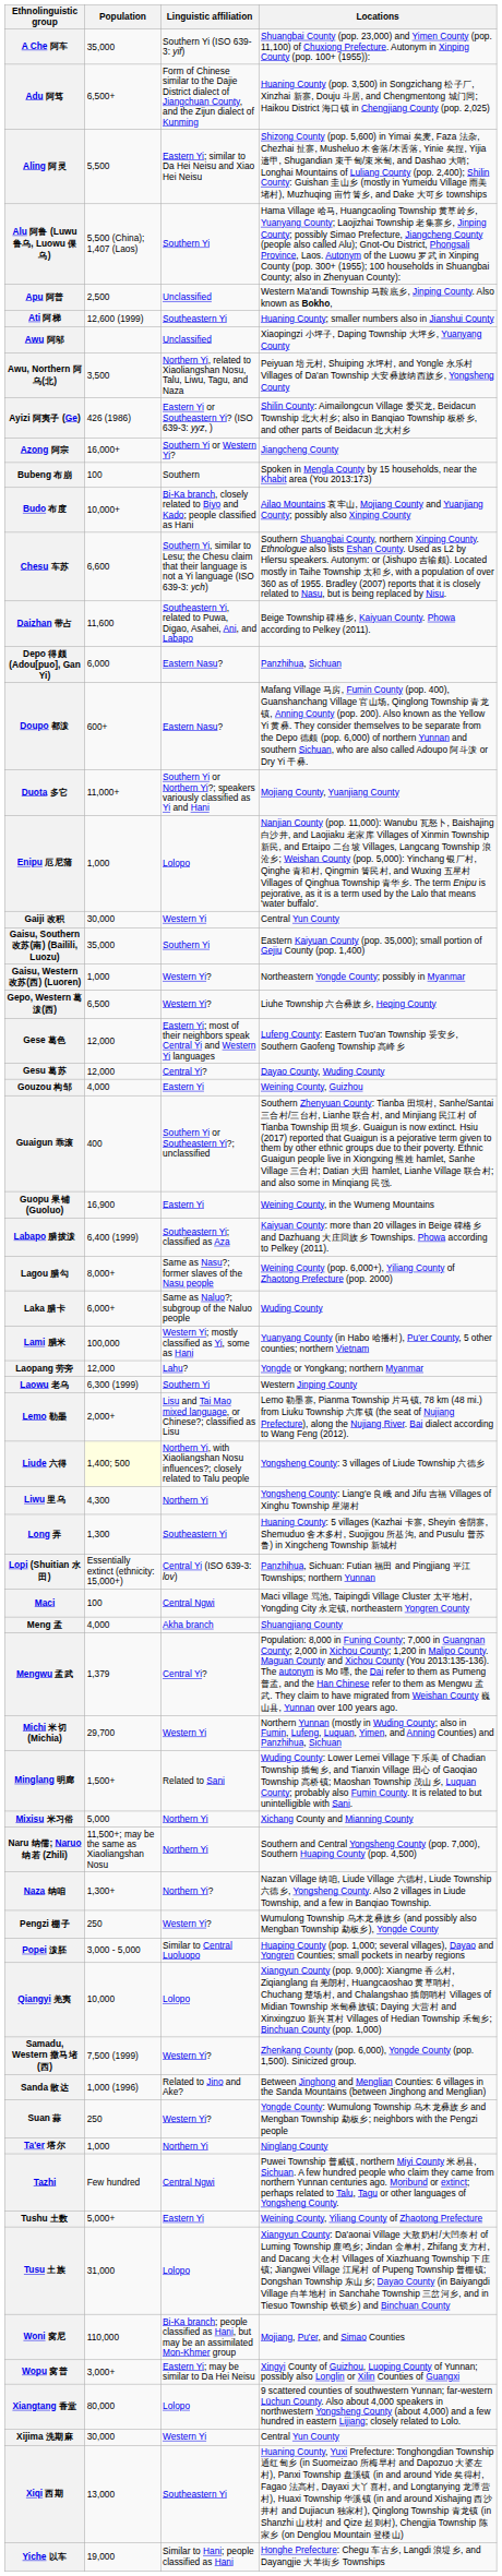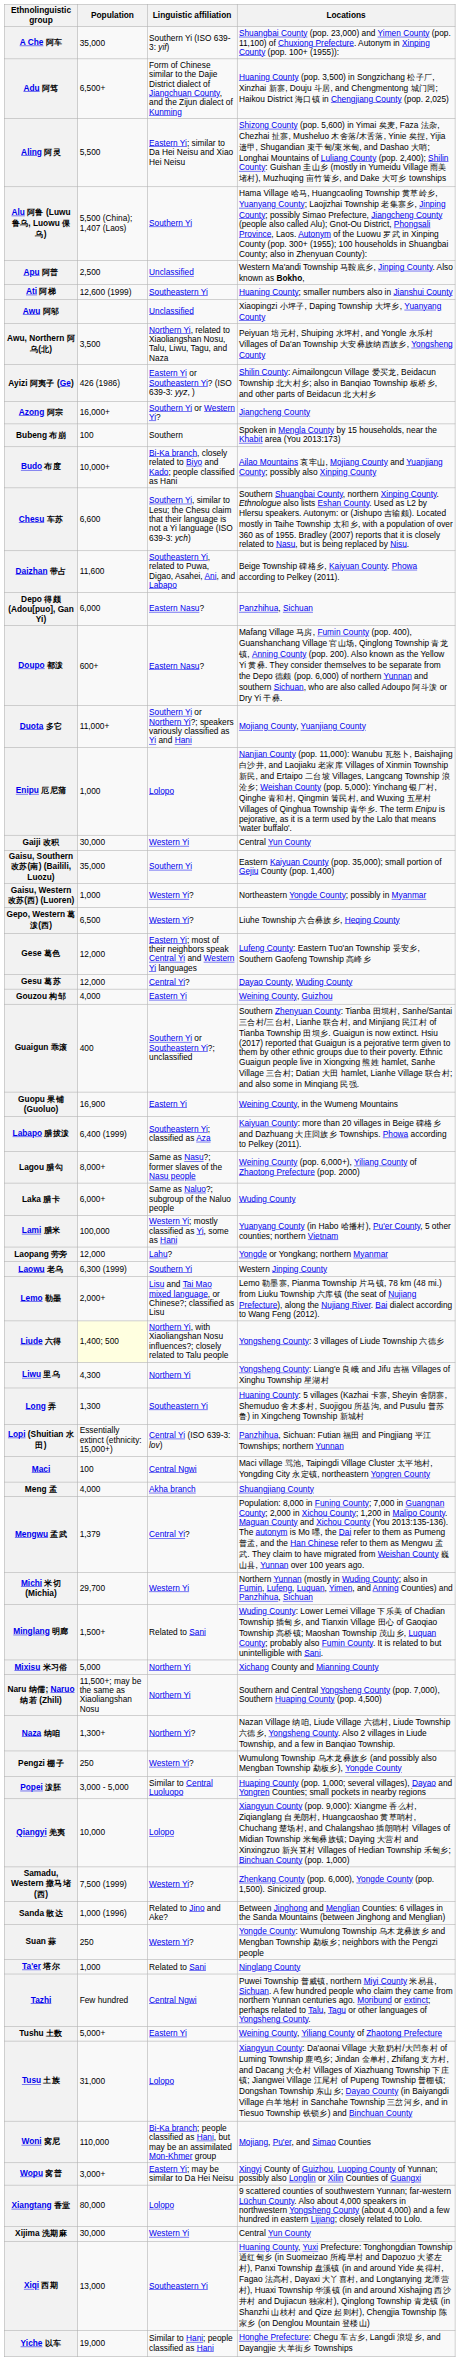 <table class="wikitable sortable">
 <tr>
 <th c=01>Ethnolinguistic group</th>
 <th c=02>Population</th>
 <th c=03>Linguistic affiliation</th>
 <th c=04>Locations</th>
 </tr>
 <tr>
 <th c=01><a href='#'>A Che</a> 阿车</th>
 <td c=02>35,000</td>
 <td c=03>Southern Yi (ISO 639-3: <em>yif</em>)</td>
 <td c=04><a href='#'>Shuangbai County</a> (pop. 23,000) and <a href='#'>Yimen County</a> (pop. 11,100) of <a href='#'>Chuxiong Prefecture</a>. Autonym in <a href='#'>Xinping County</a> (pop. 100+ (1955)): <em></em></td>
 </tr>
 <tr>
 <th c=01><a href='#'>Adu</a> 阿笃</th>
 <td c=02>6,500+</td>
 <td c=03>Form of Chinese similar to the Dajie District dialect of <a href='#'>Jiangchuan County</a>, and the Zijun dialect of <a href='#'>Kunming</a></td>
 <td c=04><a href='#'>Huaning County</a> (pop. 3,500) in Songzichang 松子厂, Xinzhai 新寨, Douju 斗居, and Chengmentong 城门同; Haikou District 海口镇 in <a href='#'>Chengjiang County</a> (pop. 2,025)</td>
 </tr>
 <tr>
 <th c=01><a href='#'>Aling</a> 阿灵</th>
 <td c=02>5,500</td>
 <td c=03><a href='#'>Eastern Yi</a>; similar to Da Hei Neisu and Xiao Hei Neisu</td>
 <td c=04><a href='#'>Shizong County</a> (pop. 5,600) in Yimai 矣麦, Faza 法杂, Chezhai 扯寨, Musheluo 木舍落/木舌落, Yinie 矣捏, Yijia 遗甲, Shugandian 束干甸/束米甸, and Dashao 大哨; Longhai Mountains  of <a href='#'>Luliang County</a> (pop. 2,400); <a href='#'>Shilin County</a>: Guishan 圭山乡 (mostly in Yumeidu Village 雨美堵村), Muzhuqing 亩竹箐乡, and Dake 大可乡 townships</td>
 </tr>
 <tr>
 <th c=01><a href='#'>Alu</a> 阿鲁 (Luwu 鲁乌, Luowu 倮乌)</th>
 <td c=02>5,500 (China); 1,407 (Laos)</td>
 <td c=03><a href='#'>Southern Yi</a></td>
 <td c=04>Hama Village 哈马, Huangcaoling Township 黄草岭乡, <a href='#'>Yuanyang County</a>; Laojizhai Township 老集寨乡, <a href='#'>Jinping County</a>; possibly Simao Prefecture, <a href='#'>Jiangcheng County</a> (people also called Alu); Gnot-Ou District, <a href='#'>Phongsali Province</a>, Laos. <a href='#'>Autonym</a> of the Luowu 罗武 in Xinping County (pop. 300+ (1955); 100 households in Shuangbai County; also in Zhenyuan County): <em></em></td>
 </tr>
 <tr>
 <th c=01><a href='#'>Apu</a> 阿普</th>
 <td c=02>2,500</td>
 <td c=03><a href='#'>Unclassified</a></td>
 <td c=04>Western Ma'andi Township 马鞍底乡, <a href='#'>Jinping County</a>. Also known as <strong>Bokho</strong>, <em></em></td>
 </tr>
 <tr>
 <th c=01><a href='#'>Ati</a> 阿梯</th>
 <td c=02>12,600 (1999)</td>
 <td c=03><a href='#'>Southeastern Yi</a></td>
 <td c=04><a href='#'>Huaning County</a>; smaller numbers also in <a href='#'>Jianshui County</a></td>
 </tr>
 <tr>
 <th c=01><a href='#'>Awu</a> 阿邬</th>
 <td c=02></td>
 <td c=03><a href='#'>Unclassified</a></td>
 <td c=04>Xiaopingzi 小坪子, Daping Township 大坪乡, <a href='#'>Yuanyang County</a></td>
 </tr>
 <tr>
 <th c=01>Awu, Northern 阿乌(北)</th>
 <td c=02>3,500</td>
 <td c=03><a href='#'>Northern Yi</a>, related to Xiaoliangshan Nosu, Talu, Liwu, Tagu, and Naza</td>
 <td c=04>Peiyuan 培元村, Shuiping 水坪村, and Yongle 永乐村 Villages of Da'an Township 大安彝族纳西族乡, <a href='#'>Yongsheng County</a></td>
 </tr>
 <tr>
 <th c=01>Ayizi 阿夷子 (<a href='#'>Ge</a>)</th>
 <td c=02>426 (1986)</td>
 <td c=03><a href='#'>Eastern Yi</a> or <a href='#'>Southeastern Yi</a>? (ISO 639-3: <em>yyz</em>, )</td>
 <td c=04><a href='#'>Shilin County</a>: Aimailongcun Village 爱买龙, Beidacun Township 北大村乡; also in Banqiao Township 板桥乡, and other parts of Beidacun 北大村乡</td>
 </tr>
 <tr>
 <th c=01><a href='#'>Azong</a> 阿宗</th>
 <td c=02>16,000+</td>
 <td c=03><a href='#'>Southern Yi</a> or <a href='#'>Western Yi</a>?</td>
 <td c=04><a href='#'>Jiangcheng County</a></td>
 </tr>
 <tr>
 <th c=01>Bubeng 布崩</th>
 <td c=02>100</td>
 <td c=03>Southern</td>
 <td c=04>Spoken in <a href='#'>Mengla County</a> by 15 households, near the <a href='#'>Khabit</a> area (You 2013:173)</td>
 </tr>
 <tr>
 <th c=01><a href='#'>Budo</a> 布度</th>
 <td c=02>10,000+</td>
 <td c=03><a href='#'>Bi-Ka branch</a>, closely related to <a href='#'>Biyo</a> and <a href='#'>Kado</a>; people classified as Hani</td>
 <td c=04><a href='#'>Ailao Mountains</a> 哀牢山, <a href='#'>Mojiang County</a> and <a href='#'>Yuanjiang County</a>; possibly also <a href='#'>Xinping County</a></td>
 </tr>
 <tr>
 <th c=01><a href='#'>Chesu</a> 车苏</th>
 <td c=02>6,600</td>
 <td c=03><a href='#'>Southern Yi</a>, similar to Lesu; the Chesu claim that their language is not a Yi language (ISO 639-3: <em>ych</em>)</td>
 <td c=04>Southern <a href='#'>Shuangbai County</a>, northern <a href='#'>Xinping County</a>. <em>Ethnologue</em> also lists <a href='#'>Eshan County</a>. Used as L2 by Hlersu speakers. Autonym: <em></em> or <em></em> (Jishupo 吉输颇). Located mostly in Taihe Township 太和乡, with a population of over 360 as of 1955. Bradley (2007) reports that it is closely related to <a href='#'>Nasu</a>, but is being replaced by <a href='#'>Nisu</a>.</td>
 </tr>
 <tr>
 <th c=01><a href='#'>Daizhan</a> 带占</th>
 <td c=02>11,600</td>
 <td c=03><a href='#'>Southeastern Yi</a>, related to Puwa, Digao, Asahei, <a href='#'>Ani</a>, and <a href='#'>Labapo</a></td>
 <td c=04>Beige Township 碑格乡, <a href='#'>Kaiyuan County</a>. <a href='#'>Phowa</a> according to Pelkey (2011).</td>
 </tr>
 <tr>
 <th c=01>Depo 得颇 (Adou[puo], Gan Yi)</th>
 <td c=02>6,000</td>
 <td c=03><a href='#'>Eastern Nasu</a>?</td>
 <td c=04><a href='#'>Panzhihua</a>, <a href='#'>Sichuan</a></td>
 </tr>
 <tr>
 <th c=01><a href='#'>Doupo</a> 都泼</th>
 <td c=02>600+</td>
 <td c=03><a href='#'>Eastern Nasu</a>?</td>
 <td c=04>Mafang Village 马房, <a href='#'>Fumin County</a> (pop. 400), Guanshanchang Village 官山场, Qinglong Township 青龙镇, <a href='#'>Anning County</a> (pop. 200). Also known as the Yellow Yi 黄彝. They consider themselves to be separate from the Depo 德颇 (pop. 6,000) of northern <a href='#'>Yunnan</a> and southern <a href='#'>Sichuan</a>, who are also called Adoupo 阿斗泼 or Dry Yi 干彝.</td>
 </tr>
 <tr>
 <th c=01><a href='#'>Duota</a> 多它</th>
 <td c=02>11,000+</td>
 <td c=03><a href='#'>Southern Yi</a> or <a href='#'>Northern Yi</a>?; speakers variously classified as <a href='#'>Yi</a> and <a href='#'>Hani</a></td>
 <td c=04><a href='#'>Mojiang County</a>, <a href='#'>Yuanjiang County</a></td>
 </tr>
 <tr>
 <th c=01><a href='#'>Enipu</a> 厄尼蒲</th>
 <td c=02>1,000</td>
 <td c=03><a href='#'>Lolopo</a></td>
 <td c=04><a href='#'>Nanjian County</a> (pop. 11,000): Wanubu 瓦怒卜, Baishajing 白沙井, and Laojiaku 老家库 Villages of Xinmin Township 新民, and Ertaipo 二台坡 Villages, Langcang Township 浪沧乡; <a href='#'>Weishan County</a> (pop. 5,000): Yinchang 银厂村, Qinghe 青和村, Qingmin 箐民村, and Wuxing 五星村 Villages of Qinghua Township 青华乡. The term <em>Enipu</em> is pejorative, as it is a term used by the Lalo that means 'water buffalo'.</td>
 </tr>
 <tr>
 <th c=01>Gaiji 改积</th>
 <td c=02>30,000</td>
 <td c=03><a href='#'>Western Yi</a></td>
 <td c=04>Central <a href='#'>Yun County</a></td>
 </tr>
 <tr>
 <th c=01>Gaisu, Southern 改苏(南) (Bailili, Luozu)</th>
 <td c=02>35,000</td>
 <td c=03><a href='#'>Southern Yi</a></td>
 <td c=04>Eastern <a href='#'>Kaiyuan County</a> (pop. 35,000); small portion of <a href='#'>Gejiu</a> County (pop. 1,400)</td>
 </tr>
 <tr>
 <th c=01>Gaisu, Western 改苏(西) (Luoren)</th>
 <td c=02>1,000</td>
 <td c=03><a href='#'>Western Yi</a>?</td>
 <td c=04>Northeastern <a href='#'>Yongde County</a>; possibly in <a href='#'>Myanmar</a></td>
 </tr>
 <tr>
 <th c=01>Gepo, Western 葛泼(西)</th>
 <td c=02>6,500</td>
 <td c=03><a href='#'>Western Yi</a>?</td>
 <td c=04>Liuhe Township 六合彝族乡, <a href='#'>Heqing County</a></td>
 </tr>
 <tr>
 <th c=01>Gese 葛色</th>
 <td c=02>12,000</td>
 <td c=03><a href='#'>Eastern Yi</a>; most of their neighbors speak <a href='#'>Central Yi</a> and <a href='#'>Western Yi</a> languages</td>
 <td c=04><a href='#'>Lufeng County</a>: Eastern Tuo'an Township 妥安乡, Southern Gaofeng Township 高峰乡</td>
 </tr>
 <tr>
 <th c=01>Gesu 葛苏</th>
 <td c=02>12,000</td>
 <td c=03><a href='#'>Central Yi</a>?</td>
 <td c=04><a href='#'>Dayao County</a>, <a href='#'>Wuding County</a></td>
 </tr>
 <tr>
 <th c=01>Gouzou 构邹</th>
 <td c=02>4,000</td>
 <td c=03><a href='#'>Eastern Yi</a></td>
 <td c=04><a href='#'>Weining County</a>, <a href='#'>Guizhou</a></td>
 </tr>
 <tr>
 <th c=01>Guaigun 乖滚</th>
 <td c=02>400</td>
 <td c=03><a href='#'>Southern Yi</a> or <a href='#'>Southeastern Yi</a>?; unclassified</td>
 <td c=04>Southern <a href='#'>Zhenyuan County</a>: Tianba 田坝村, Sanhe/Santai 三合村/三台村, Lianhe 联合村, and Minjiang 民江村 of Tianba Township 田坝乡. Guaigun is now extinct. Hsiu (2017) reported that Guaigun is a pejorative term given to them by other ethnic groups due to their poverty. Ethnic Guaigun people live in Xiongxing 熊姓 hamlet, Sanhe Village 三合村; Datian 大田 hamlet, Lianhe Village 联合村; and also some in Minqiang 民强.</td>
 </tr>
 <tr>
 <th c=01>Guopu 果铺 (Guoluo)</th>
 <td c=02>16,900</td>
 <td c=03><a href='#'>Eastern Yi</a></td>
 <td c=04><a href='#'>Weining County</a>, in the Wumeng Mountains</td>
 </tr>
 <tr>
 <th c=01><a href='#'>Labapo</a> 腊拔泼</th>
 <td c=02>6,400 (1999)</td>
 <td c=03><a href='#'>Southeastern Yi</a>; classified as <a href='#'>Aza</a></td>
 <td c=04><a href='#'>Kaiyuan County</a>: more than 20 villages in Beige 碑格乡 and Dazhuang 大庄回族乡 Townships. <a href='#'>Phowa</a> according to Pelkey (2011).</td>
 </tr>
 <tr>
 <th c=01>Lagou 腊勾</th>
 <td c=02>8,000+</td>
 <td c=03>Same as <a href='#'>Nasu</a>?; former slaves of the <a href='#'>Nasu people</a></td>
 <td c=04><a href='#'>Weining County</a> (pop. 6,000+), <a href='#'>Yiliang County</a> of <a href='#'>Zhaotong Prefecture</a> (pop. 2000)</td>
 </tr>
 <tr>
 <th c=01>Laka 腊卡</th>
 <td c=02>6,000+</td>
 <td c=03>Same as <a href='#'>Naluo</a>?; subgroup of the Naluo people</td>
 <td c=04><a href='#'>Wuding County</a></td>
 </tr>
 <tr>
 <th c=01><a href='#'>Lami</a> 腊米</th>
 <td c=02>100,000</td>
 <td c=03><a href='#'>Western Yi</a>; mostly classified as <a href='#'>Yi</a>, some as <a href='#'>Hani</a></td>
 <td c=04><a href='#'>Yuanyang County</a> (in Habo 哈播村), <a href='#'>Pu'er County</a>, 5 other counties; northern <a href='#'>Vietnam</a></td>
 </tr>
 <tr>
 <th c=01>Laopang 劳旁</th>
 <td c=02>12,000</td>
 <td c=03><a href='#'>Lahu</a>?</td>
 <td c=04><a href='#'>Yongde</a> or Yongkang; northern <a href='#'>Myanmar</a></td>
 </tr>
 <tr>
 <th c=01><a href='#'>Laowu</a> 老乌</th>
 <td c=02>6,300 (1999)</td>
 <td c=03><a href='#'>Southern Yi</a></td>
 <td c=04>Western <a href='#'>Jinping County</a></td>
 </tr>
 <tr>
 <th c=01><a href='#'>Lemo</a> 勒墨</th>
 <td c=02>2,000+</td>
 <td c=03><a href='#'>Lisu</a> and <a href='#'>Tai Mao</a> <a href='#'>mixed language</a>, or Chinese?; classified as Lisu</td>
 <td c=04>Lemo 勒墨寨, Pianma Township 片马镇, 78 km (48 mi.) from Liuku Township 六库镇 (the seat of <a href='#'>Nujiang Prefecture</a>), along the <a href='#'>Nujiang River</a>. <a href='#'>Bai</a> dialect according to Wang Feng (2012).</td>
 </tr>
 <tr>
 <th c=01><a href='#'>Liude</a> 六得</th>
 <td c=02 style="background: lightyellow;">1,400; 500</td>
 <td c=03><a href='#'>Northern Yi</a>, with Xiaoliangshan Nosu influences?; closely related to Talu people</td>
 <td c=04><a href='#'>Yongsheng County</a>: 3 villages of Liude Township 六德乡</td>
 </tr>
 <tr>
 <th c=01><a href='#'>Liwu</a> 里乌</th>
 <td c=02>4,300</td>
 <td c=03><a href='#'>Northern Yi</a></td>
 <td c=04><a href='#'>Yongsheng County</a>: Liang'e 良峨 and Jifu 吉福  Villages of Xinghu Township 星湖村</td>
 </tr>
 <tr>
 <th c=01><a href='#'>Long</a> 弄</th>
 <td c=02>1,300</td>
 <td c=03><a href='#'>Southeastern Yi</a></td>
 <td c=04><a href='#'>Huaning County</a>: 5 villages (Kazhai 卡寨, Sheyin 舍阴寨, Shemuduo 舍木多村, Suojigou 所基沟, and Pusulu 普苏鲁) in Xingcheng Township 新城村</td>
 </tr>
 <tr>
 <th c=01><a href='#'>Lopi</a> (Shuitian 水田)</th>
 <td c=02>Essentially extinct (ethnicity: 15,000+)</td>
 <td c=03><a href='#'>Central Yi</a> (ISO 639-3: <em>lov</em>)</td>
 <td c=04><a href='#'>Panzhihua</a>, Sichuan: Futian 福田 and Pingjiang 平江 Townships; northern <a href='#'>Yunnan</a></td>
 </tr>
 <tr>
 <th c=01><a href='#'>Maci</a></th>
 <td c=02>100</td>
 <td c=03><a href='#'>Central Ngwi</a></td>
 <td c=04>Maci village 骂池, Taipingdi Village Cluster 太平地村, Yongding City 永定镇, northeastern <a href='#'>Yongren County</a></td>
 </tr>
 <tr>
 <th c=01>Meng 孟</th>
 <td c=02>4,000</td>
 <td c=03><a href='#'>Akha branch</a></td>
 <td c=04><a href='#'>Shuangjiang County</a></td>
 </tr>
 <tr>
 <th c=01><a href='#'>Mengwu</a> 孟武</th>
 <td c=02>1,379</td>
 <td c=03><a href='#'>Central Yi</a>?</td>
 <td c=04>Population: 8,000 in <a href='#'>Funing County</a>; 7,000 in <a href='#'>Guangnan County</a>; 2,000 in <a href='#'>Xichou County</a>; 1,200 in <a href='#'>Malipo County</a>. <a href='#'>Maguan County</a> and <a href='#'>Xichou County</a> (You 2013:135-136). The <a href='#'>autonym</a> is Mo 嚜, the <a href='#'>Dai</a> refer to them as Pumeng 普孟, and the <a href='#'>Han Chinese</a> refer to them as Mengwu 孟武. They claim to have migrated from <a href='#'>Weishan County</a> 巍山县, <a href='#'>Yunnan</a> over 100 years ago.</td>
 </tr>
 <tr>
 <th c=01><a href='#'>Michi</a> 米切 (Michia)</th>
 <td c=02>29,700</td>
 <td c=03><a href='#'>Western Yi</a></td>
 <td c=04>Northern <a href='#'>Yunnan</a> (mostly in <a href='#'>Wuding County</a>; also in <a href='#'>Fumin</a>, <a href='#'>Lufeng</a>, <a href='#'>Luquan</a>, <a href='#'>Yimen</a>, and <a href='#'>Anning</a> Counties) and <a href='#'>Panzhihua</a>, <a href='#'>Sichuan</a></td>
 </tr>
 <tr>
 <th c=01><a href='#'>Minglang</a> 明廊</th>
 <td c=02>1,500+</td>
 <td c=03>Related to <a href='#'>Sani</a></td>
 <td c=04><a href='#'>Wuding County</a>: Lower Lemei Village 下乐美 of Chadian Township 插甸乡, and Tianxin Village 田心 of Gaoqiao Township 高桥镇; Maoshan Township 茂山乡, <a href='#'>Luquan County</a>; probably also <a href='#'>Fumin County</a>. It is related to but unintelligible with <a href='#'>Sani</a>.</td>
 </tr>
 <tr>
 <th c=01><a href='#'>Mixisu</a> 米习俗</th>
 <td c=02>5,000</td>
 <td c=03><a href='#'>Northern Yi</a></td>
 <td c=04><a href='#'>Xichang</a> County and <a href='#'>Mianning County</a></td>
 </tr>
 <tr>
 <th c=01>Naru 纳儒; <a href='#'>Naruo</a> 纳若 (Zhili)</th>
 <td c=02>11,500+; may be the same as Xiaoliangshan Nosu</td>
 <td c=03><a href='#'>Northern Yi</a></td>
 <td c=04>Southern and Central <a href='#'>Yongsheng County</a> (pop. 7,000), Southern <a href='#'>Huaping County</a> (pop. 4,500)</td>
 </tr>
 <tr>
 <th c=01><a href='#'>Naza</a> 纳咱</th>
 <td c=02>1,300+</td>
 <td c=03><a href='#'>Northern Yi</a>?</td>
 <td c=04>Nazan Village 纳咱, Liude Village 六德村, Liude Township 六德乡, <a href='#'>Yongsheng County</a>. Also 2 villages in Liude Township, and a few in Banqiao Township.</td>
 </tr>
 <tr>
 <th c=01>Pengzi 棚子</th>
 <td c=02>250</td>
 <td c=03><a href='#'>Western Yi</a>?</td>
 <td c=04>Wumulong Township 乌木龙彝族乡 (and possibly also Mengban Township 勐板乡), <a href='#'>Yongde County</a></td>
 </tr>
 <tr>
 <th c=01><a href='#'>Popei</a> 泼胚</th>
 <td c=02>3,000 - 5,000</td>
 <td c=03>Similar to <a href='#'>Central Luoluopo</a></td>
 <td c=04><a href='#'>Huaping County</a> (pop. 1,000; several villages), <a href='#'>Dayao</a> and <a href='#'>Yongren</a> Counties; small pockets in nearby regions</td>
 </tr>
 <tr>
 <th c=01><a href='#'>Qiangyi</a> 羌夷</th>
 <td c=02>10,000</td>
 <td c=03><a href='#'>Lolopo</a></td>
 <td c=04><a href='#'>Xiangyun County</a> (pop. 9,000): Xiangme 香么村, Ziqianglang 自羌朗村, Huangcaoshao 黄草哨村, Chuchang 楚场村, and Chalangshao 插朗哨村 Villages of Midian Township 米甸彝族镇; Daying 大营村 and Xinxingzuo 新兴苴村 Villages of Hedian Township 禾甸乡; <a href='#'>Binchuan County</a> (pop. 1,000)</td>
 </tr>
 <tr>
 <th c=01>Samadu, Western 撒马堵(西)</th>
 <td c=02>7,500 (1999)</td>
 <td c=03><a href='#'>Western Yi</a>?</td>
 <td c=04><a href='#'>Zhenkang County</a> (pop. 6,000), <a href='#'>Yongde County</a> (pop. 1,500). Sinicized group.</td>
 </tr>
 <tr>
 <th c=01>Sanda 散达</th>
 <td c=02>1,000 (1996)</td>
 <td c=03>Related to <a href='#'>Jino</a> and Ake?</td>
 <td c=04>Between <a href='#'>Jinghong</a> and <a href='#'>Menglian</a> Counties: 6 villages in the Sanda Mountains (between Jinghong and Menglian)</td>
 </tr>
 <tr>
 <th c=01>Suan 蒜</th>
 <td c=02>250</td>
 <td c=03><a href='#'>Western Yi</a>?</td>
 <td c=04><a href='#'>Yongde County</a>: Wumulong Township 乌木龙彝族乡 and Mengban Township 勐板乡; neighbors with the Pengzi people</td>
 </tr>
 <tr>
 <th c=01><a href='#'>Ta'er</a> 塔尔</th>
 <td c=02>1,000</td>
-<td c=03><a href='#'>Northern Yi</a></td>
+<td c=03>Related to <a href='#'>Sani</a></td>
 <td c=04><a href='#'>Ninglang County</a></td>
 </tr>
 <tr>
 <th c=01><a href='#'>Tazhi</a></th>
 <td c=02>Few hundred</td>
 <td c=03><a href='#'>Central Ngwi</a></td>
 <td c=04>Puwei Township 普威镇, northern <a href='#'>Miyi County</a> 米易县, <a href='#'>Sichuan</a>. A few hundred people who claim they came from northern Yunnan centuries ago. <a href='#'>Moribund</a> or <a href='#'>extinct</a>; perhaps related to <a href='#'>Talu</a>, <a href='#'>Tagu</a> or other languages of <a href='#'>Yongsheng County</a>.</td>
 </tr>
 <tr>
 <th c=01>Tushu 土数</th>
 <td c=02>5,000+</td>
 <td c=03><a href='#'>Eastern Yi</a></td>
 <td c=04><a href='#'>Weining County</a>, <a href='#'>Yiliang County</a> of <a href='#'>Zhaotong Prefecture</a></td>
 </tr>
 <tr>
 <th c=01><a href='#'>Tusu</a> 土族</th>
 <td c=02>31,000</td>
 <td c=03><a href='#'>Lolopo</a></td>
 <td c=04><a href='#'>Xiangyun County</a>: Da'aonai Village 大敖奶村/大凹奈村 of Luming Township 鹿鸣乡; Jindan 金单村, Zhifang 支方村, and Dacang 大仓村 Villages of Xiazhuang Township 下庄镇; Jiangwei Village 江尾村 of Pupeng Township 普棚镇; Dongshan Township 东山乡; <a href='#'>Dayao County</a> (in Baiyangdi Village 白羊地村 in Sanchahe Township 三岔河乡, and in Tiesuo Township 铁锁乡) and <a href='#'>Binchuan County</a></td>
 </tr>
 <tr>
 <th c=01><a href='#'>Woni</a> 窝尼</th>
 <td c=02>110,000</td>
 <td c=03><a href='#'>Bi-Ka branch</a>; people classified as <a href='#'>Hani</a>, but may be an assimilated <a href='#'>Mon-Khmer</a> group</td>
 <td c=04><a href='#'>Mojiang</a>, <a href='#'>Pu'er</a>, and <a href='#'>Simao</a> Counties</td>
 </tr>
 <tr>
 <th c=01><a href='#'>Wopu</a> 窝普</th>
 <td c=02>3,000+</td>
 <td c=03><a href='#'>Eastern Yi</a>; may be similar to Da Hei Neisu</td>
 <td c=04><a href='#'>Xingyi</a> County of <a href='#'>Guizhou</a>, <a href='#'>Luoping County</a> of Yunnan; possibly also <a href='#'>Longlin</a> or <a href='#'>Xilin</a> Counties of <a href='#'>Guangxi</a></td>
 </tr>
 <tr>
 <th c=01><a href='#'>Xiangtang</a> 香堂</th>
 <td c=02>80,000</td>
 <td c=03><a href='#'>Lolopo</a></td>
 <td c=04>9 scattered counties of southwestern Yunnan; far-western <a href='#'>Lüchun County</a>. Also about 4,000 speakers in northwestern <a href='#'>Yongsheng County</a> (about 4,000) and a few hundred in eastern <a href='#'>Lijiang</a>; closely related to Lolo.</td>
 </tr>
 <tr>
 <th c=01>Xijima 洗期麻</th>
 <td c=02>30,000</td>
 <td c=03><a href='#'>Western Yi</a></td>
 <td c=04>Central <a href='#'>Yun County</a></td>
 </tr>
 <tr>
 <th c=01><a href='#'>Xiqi</a> 西期</th>
 <td c=02>13,000</td>
 <td c=03><a href='#'>Southeastern Yi</a></td>
 <td c=04><a href='#'>Huaning County</a>, <a href='#'>Yuxi</a> Prefecture: Tonghongdian Township 通红甸乡 (in Suomeizao 所梅早村 and Dapozuo 大婆左村), Panxi Township 盘溪镇 (in and around Yide 矣得村, Fagao 法高村, Dayaxi 大丫喜村, and Longtanying 龙潭营村), Huaxi Township 华溪镇 (in and around Xishajing 西沙井村 and Dujiacun 独家村), Qinglong Township 青龙镇 (in Shanzhi 山枝村 and Qize 起则村), Chengjia Township 陈家乡 (on Denglou Mountain 登楼山)</td>
 </tr>
 <tr>
 <th c=01><a href='#'>Yiche</a> 以车</th>
 <td c=02>19,000</td>
 <td c=03>Similar to <a href='#'>Hani</a>; people classified as <a href='#'>Hani</a></td>
 <td c=04><a href='#'>Honghe Prefecture</a>: Chegu 车古乡, Langdi 浪堤乡, and Dayangjie 大羊街乡 Townships</td>
 </tr>
 </table>
